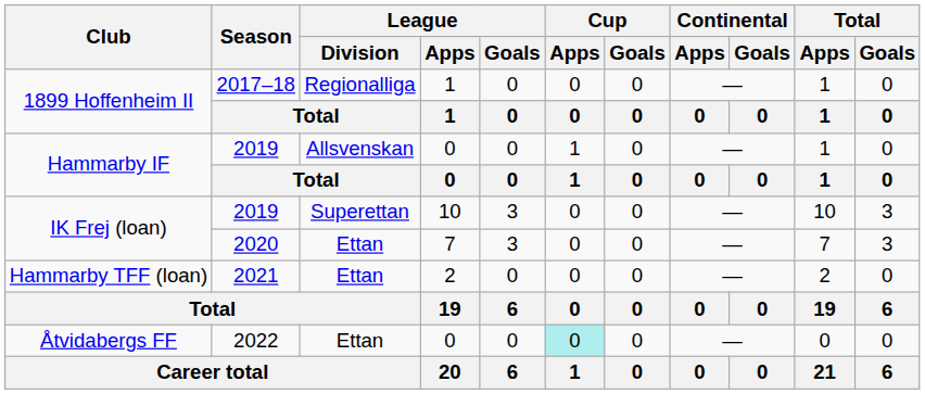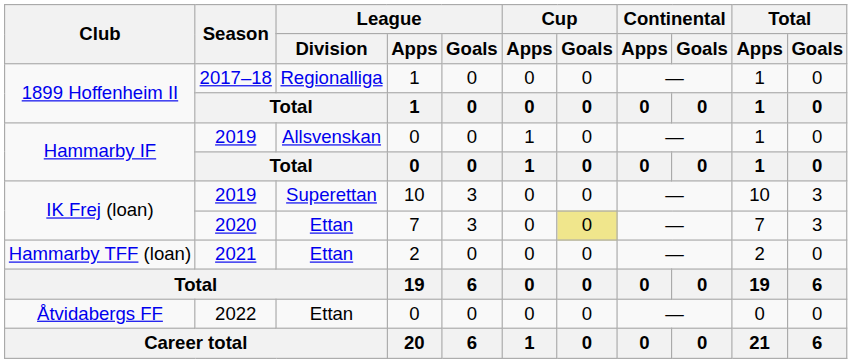 <table class="wikitable" style="text-align:center;">
 <tr>
 <th rowspan="2">Club</th>
 <th rowspan="2">Season</th>
 <th colspan="3">League</th>
 <th colspan="2">Cup</th>
 <th colspan="2">Continental</th>
 <th colspan="2">Total</th>
 </tr>
 <tr>
 <th>Division</th>
 <th>Apps</th>
 <th>Goals</th>
 <th>Apps</th>
 <th>Goals</th>
 <th>Apps</th>
 <th>Goals</th>
 <th>Apps</th>
 <th>Goals</th>
 </tr>
 <tr>
 <td rowspan="2"><a href='#'>1899 Hoffenheim II</a></td>
 <td><a href='#'>2017–18</a></td>
 <td rowspan="1" valign="center"><a href='#'>Regionalliga</a></td>
 <td>1</td>
 <td>0</td>
 <td>0</td>
 <td>0</td>
 <td colspan="2">—</td>
 <td>1</td>
 <td>0</td>
 </tr>
 <tr>
 <th colspan="2">Total</th>
 <th>1</th>
 <th>0</th>
 <th>0</th>
 <th>0</th>
 <th>0</th>
 <th>0</th>
 <th>1</th>
 <th>0</th>
 </tr>
 <tr>
 <td rowspan="2"><a href='#'>Hammarby IF</a></td>
 <td><a href='#'>2019</a></td>
 <td rowspan="1" valign="center"><a href='#'>Allsvenskan</a></td>
 <td>0</td>
 <td>0</td>
 <td>1</td>
 <td>0</td>
 <td colspan="2">—</td>
 <td>1</td>
 <td>0</td>
 </tr>
 <tr>
 <th colspan="2">Total</th>
 <th>0</th>
 <th>0</th>
 <th>1</th>
 <th>0</th>
 <th>0</th>
 <th>0</th>
 <th>1</th>
 <th>0</th>
 </tr>
 <tr>
 <td rowspan="2"><a href='#'>IK Frej</a> (loan)</td>
 <td><a href='#'>2019</a></td>
 <td rowspan="1" valign="center"><a href='#'>Superettan</a></td>
 <td>10</td>
 <td>3</td>
 <td>0</td>
 <td>0</td>
 <td colspan="2">—</td>
 <td>10</td>
 <td>3</td>
 </tr>
 <tr>
 <td><a href='#'>2020</a></td>
 <td rowspan="1" valign="center"><a href='#'>Ettan</a></td>
 <td>7</td>
 <td>3</td>
 <td>0</td>
-<td>0</td>
+<td style="background: khaki;">0</td>
 <td colspan="2">—</td>
 <td>7</td>
 <td>3</td>
 </tr>
 <tr>
 <td rowspan="1"><a href='#'>Hammarby TFF</a> (loan)</td>
 <td><a href='#'>2021</a></td>
 <td rowspan="1" valign="center"><a href='#'>Ettan</a></td>
 <td>2</td>
 <td>0</td>
 <td>0</td>
 <td>0</td>
 <td colspan="2">—</td>
 <td>2</td>
 <td>0</td>
 </tr>
 <tr>
 <th colspan="3">Total</th>
 <th>19</th>
 <th>6</th>
 <th>0</th>
 <th>0</th>
 <th>0</th>
 <th>0</th>
 <th>19</th>
 <th>6</th>
 </tr>
 <tr>
 <td><a href='#'>Åtvidabergs FF</a></td>
 <td>2022</td>
 <td rowspan="1" valign="center">Ettan</td>
 <td>0</td>
 <td>0</td>
-<td style="background: paleturquoise;">0</td>
+<td>0</td>
 <td>0</td>
 <td colspan="2">—</td>
 <td>0</td>
 <td>0</td>
 </tr>
 <tr>
 <th colspan="3">Career total</th>
 <th>20</th>
 <th>6</th>
 <th>1</th>
 <th>0</th>
 <th>0</th>
 <th>0</th>
 <th>21</th>
 <th>6</th>
 </tr>
 </table>
